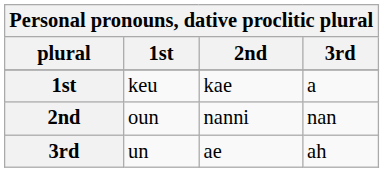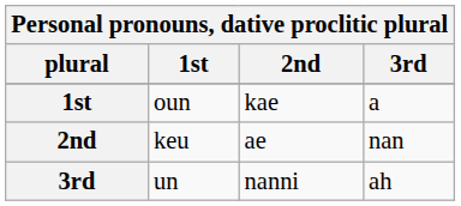 <table class="wikitable">
 <tr>
 <th colspan="4">Personal pronouns, dative proclitic plural</th>
 </tr>
 <tr>
 <th>plural</th>
 <th>1st</th>
 <th>2nd</th>
 <th>3rd</th>
 </tr>
 <tr>
 </tr>
 <tr>
 <th>1st</th>
-<td>keu</td>
+<td>oun</td>
 <td>kae</td>
 <td>a</td>
 </tr>
 <tr>
 <th>2nd</th>
-<td>oun</td>
-<td>nanni</td>
+<td>keu</td>
+<td>ae</td>
 <td>nan</td>
 </tr>
 <tr>
 <th>3rd</th>
 <td>un</td>
-<td>ae</td>
+<td>nanni</td>
 <td>ah</td>
 </tr>
 </table>
